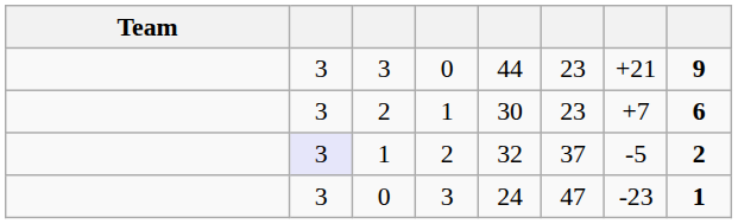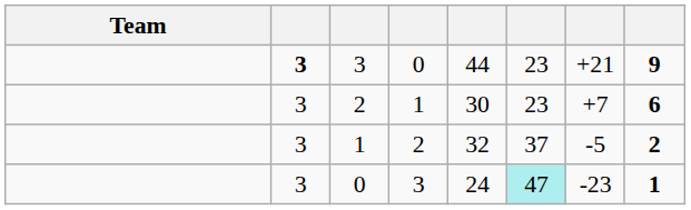 <table class="wikitable" style="text-align:center;font-size:95%">
 <tr>
 <th width=160>Team</th>
 <th width=30></th>
 <th width=30></th>
 <th width=30></th>
 <th width=30></th>
 <th width=30></th>
 <th width=30></th>
 <th width=30></th>
 </tr>
 <tr>
 <td align="left"></td>
-<td>3</td>
+<td><strong>3</strong></td>
 <td>3</td>
 <td>0</td>
 <td>44</td>
 <td>23</td>
 <td>+21</td>
 <td><strong>9</strong></td>
 </tr>
 <tr>
 <td align="left"></td>
 <td>3</td>
 <td>2</td>
 <td>1</td>
 <td>30</td>
 <td>23</td>
 <td>+7</td>
 <td><strong>6</strong></td>
 </tr>
 <tr>
 <td align="left"></td>
-<td style="background: lavender;">3</td>
+<td>3</td>
 <td>1</td>
 <td>2</td>
 <td>32</td>
 <td>37</td>
 <td>-5</td>
 <td><strong>2</strong></td>
 </tr>
 <tr>
 <td align="left"></td>
 <td>3</td>
 <td>0</td>
 <td>3</td>
 <td>24</td>
-<td>47</td>
+<td style="background: paleturquoise;">47</td>
 <td>-23</td>
 <td><strong>1</strong></td>
 </tr>
 </table>
